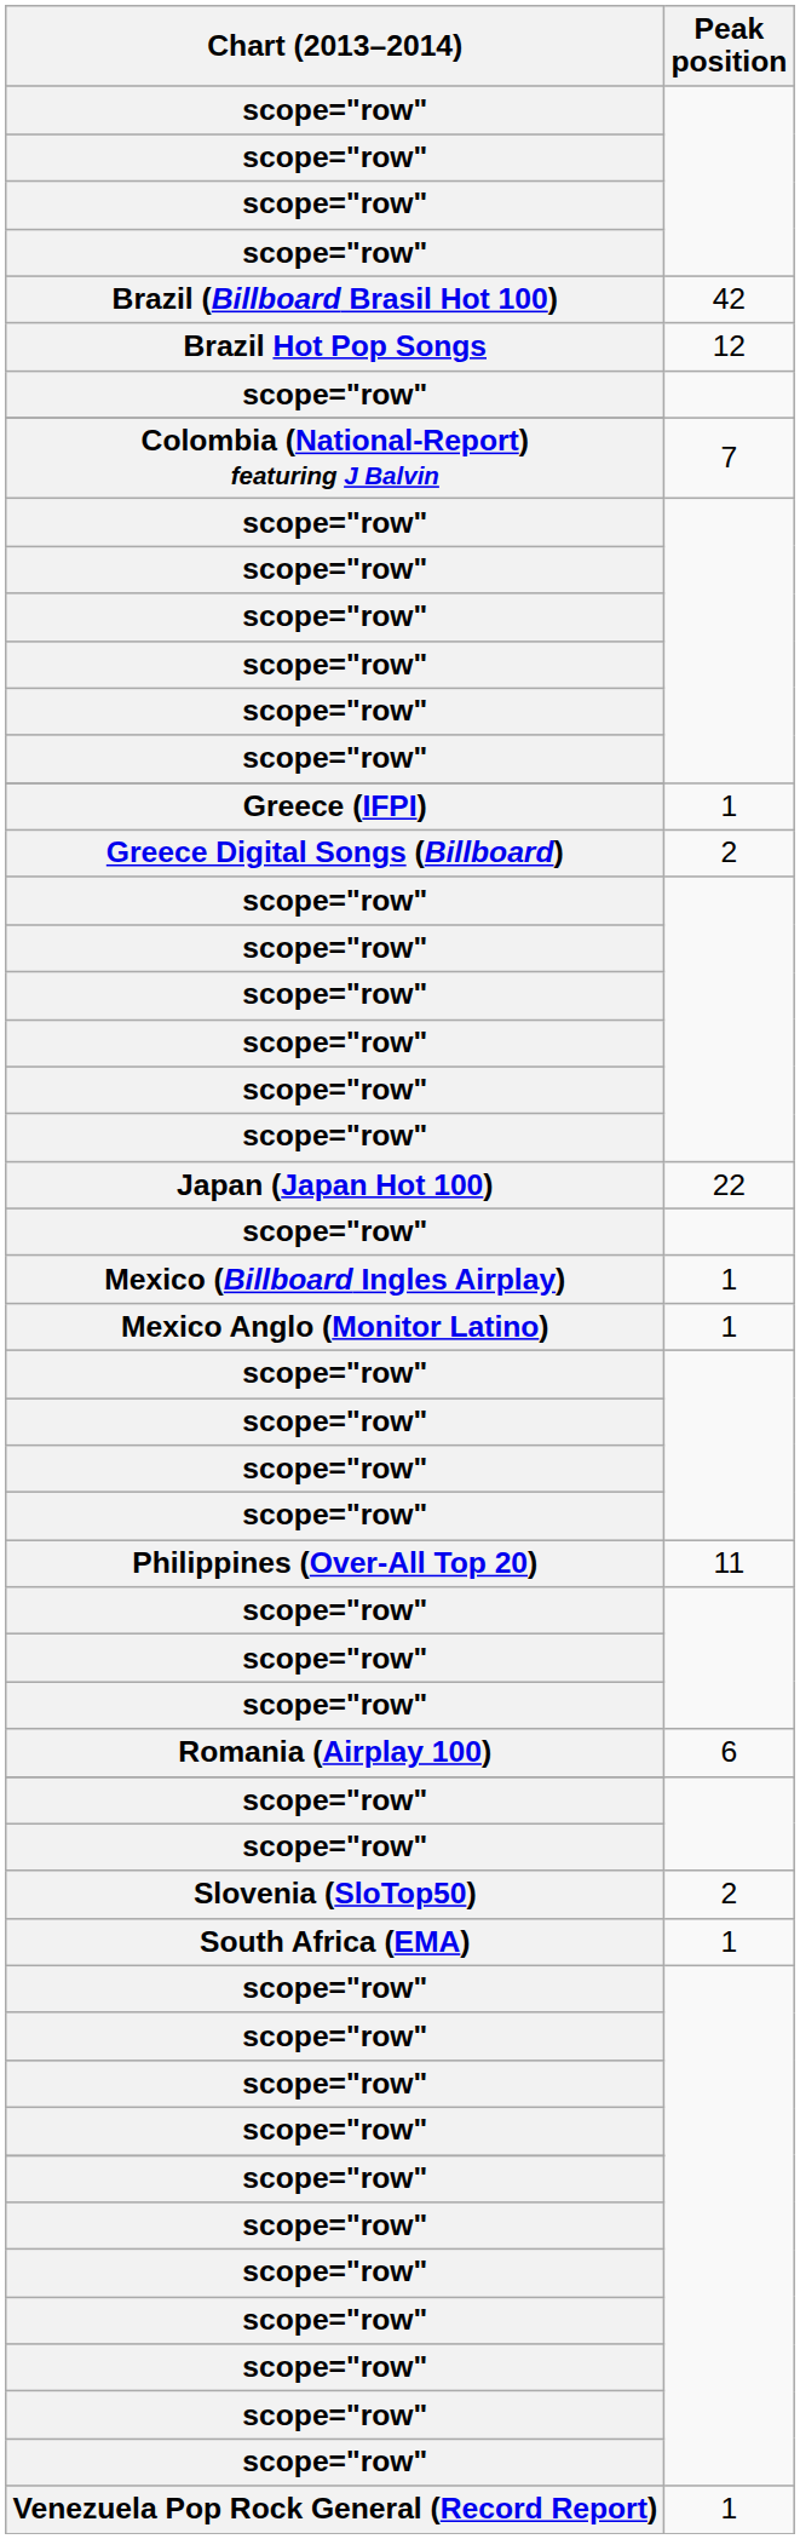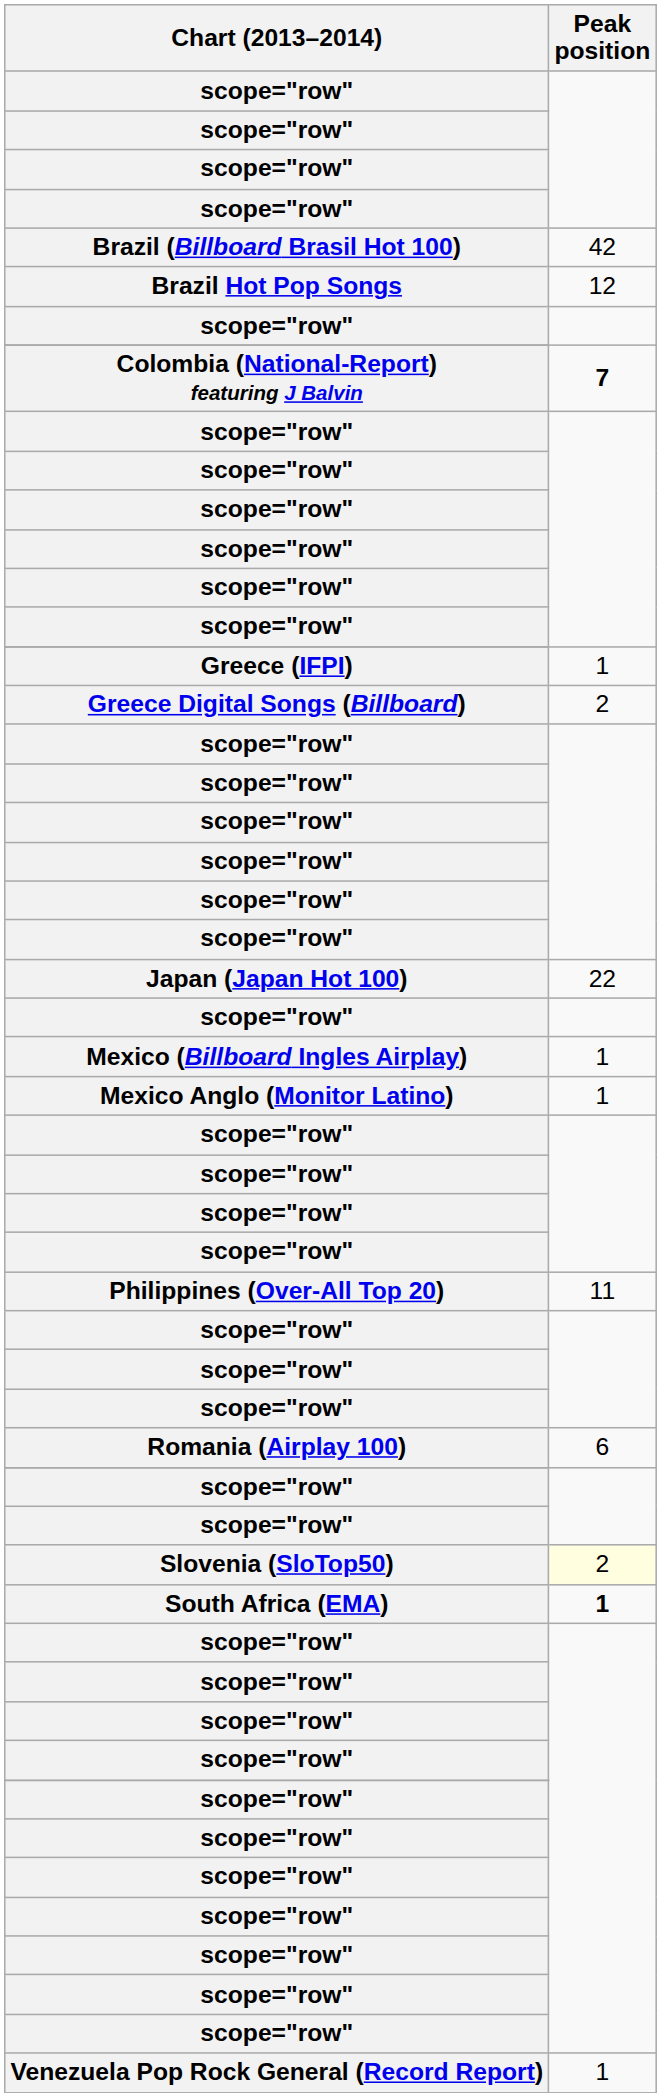 <table class="wikitable sortable plainrowheaders" style="text-align:center;">
 <tr>
 <th scope="col">Chart (2013–2014)</th>
 <th scope="col">Peak<br>position</th>
 </tr>
 <tr>
 <th>scope="row" </th>
 </tr>
 <tr>
 <th>scope="row" </th>
 </tr>
 <tr>
 <th>scope="row" </th>
 </tr>
 <tr>
 <th>scope="row" </th>
 </tr>
 <tr>
 <th scope="row">Brazil (<a href='#'><em>Billboard</em> Brasil Hot 100</a>)</th>
 <td style="text-align:center;">42</td>
 </tr>
 <tr>
 <th scope="row">Brazil <a href='#'>Hot Pop Songs</a></th>
 <td style="text-align:center;">12</td>
 </tr>
 <tr>
 <th>scope="row" </th>
 </tr>
 <tr>
 </tr>
 <tr>
 <th scope="row">Colombia (<a href='#'>National-Report</a>)<br><small><em>featuring <a href='#'>J Balvin</a></em></small><br></th>
-<td>7</td>
+<td><strong>7</strong></td>
 </tr>
 <tr>
 <th>scope="row" </th>
 </tr>
 <tr>
 <th>scope="row" </th>
 </tr>
 <tr>
 <th>scope="row" </th>
 </tr>
 <tr>
 <th>scope="row" </th>
 </tr>
 <tr>
 <th>scope="row" </th>
 </tr>
 <tr>
 <th>scope="row" </th>
 </tr>
 <tr>
 </tr>
 <tr>
 <th scope="row">Greece (<a href='#'>IFPI</a>)</th>
 <td style="text-align:center;">1</td>
 </tr>
 <tr>
 <th scope="row"><a href='#'>Greece Digital Songs</a> (<em><a href='#'>Billboard</a></em>)</th>
 <td style="text-align:center;">2</td>
 </tr>
 <tr>
 <th>scope="row" </th>
 </tr>
 <tr>
 <th>scope="row" </th>
 </tr>
 <tr>
 <th>scope="row" </th>
 </tr>
 <tr>
 <th>scope="row" </th>
 </tr>
 <tr>
 <th>scope="row" </th>
 </tr>
 <tr>
 <th>scope="row" </th>
 </tr>
 <tr>
 <th scope="row">Japan (<a href='#'>Japan Hot 100</a>)</th>
 <td style="text-align:center;">22</td>
 </tr>
 <tr>
 <th>scope="row" </th>
 </tr>
 <tr>
 <th scope="row">Mexico (<a href='#'><em>Billboard</em> Ingles Airplay</a>)</th>
 <td style="text-align:center;">1</td>
 </tr>
 <tr>
 <th scope="row">Mexico Anglo (<a href='#'>Monitor Latino</a>)</th>
 <td style="text-align:center;">1</td>
 </tr>
 <tr>
 <th>scope="row" </th>
 </tr>
 <tr>
 <th>scope="row" </th>
 </tr>
 <tr>
 <th>scope="row" </th>
 </tr>
 <tr>
 <th>scope="row" </th>
 </tr>
 <tr>
 <th scope="row">Philippines (<a href='#'>Over-All Top 20</a>)</th>
 <td style="text-align:center;">11</td>
 </tr>
 <tr>
 <th>scope="row" </th>
 </tr>
 <tr>
 <th>scope="row" </th>
 </tr>
 <tr>
 <th>scope="row" </th>
 </tr>
 <tr>
 <th scope="row">Romania (<a href='#'>Airplay 100</a>)</th>
 <td style="text-align:center;">6</td>
 </tr>
 <tr>
 </tr>
 <tr>
 <th>scope="row" </th>
 </tr>
 <tr>
 <th>scope="row" </th>
 </tr>
 <tr>
 <th scope="row">Slovenia (<a href='#'>SloTop50</a>)</th>
-<td align=center>2</td>
+<td align=center style="background: lightyellow;">2</td>
 </tr>
 <tr>
 <th scope="row">South Africa (<a href='#'>EMA</a>)</th>
-<td style="text-align:center;">1</td>
+<td style="text-align:center;"><strong>1</strong></td>
 </tr>
 <tr>
 <th>scope="row" </th>
 </tr>
 <tr>
 <th>scope="row" </th>
 </tr>
 <tr>
 <th>scope="row" </th>
 </tr>
 <tr>
 <th>scope="row" </th>
 </tr>
 <tr>
 </tr>
 <tr>
 <th>scope="row" </th>
 </tr>
 <tr>
 <th>scope="row" </th>
 </tr>
 <tr>
 <th>scope="row" </th>
 </tr>
 <tr>
 <th>scope="row" </th>
 </tr>
 <tr>
 <th>scope="row" </th>
 </tr>
 <tr>
 <th>scope="row" </th>
 </tr>
 <tr>
 <th>scope="row" </th>
 </tr>
 <tr>
 <th scope="row">Venezuela Pop Rock General (<a href='#'>Record Report</a>)</th>
 <td>1</td>
 </tr>
 <tr>
 </tr>
 </table>
